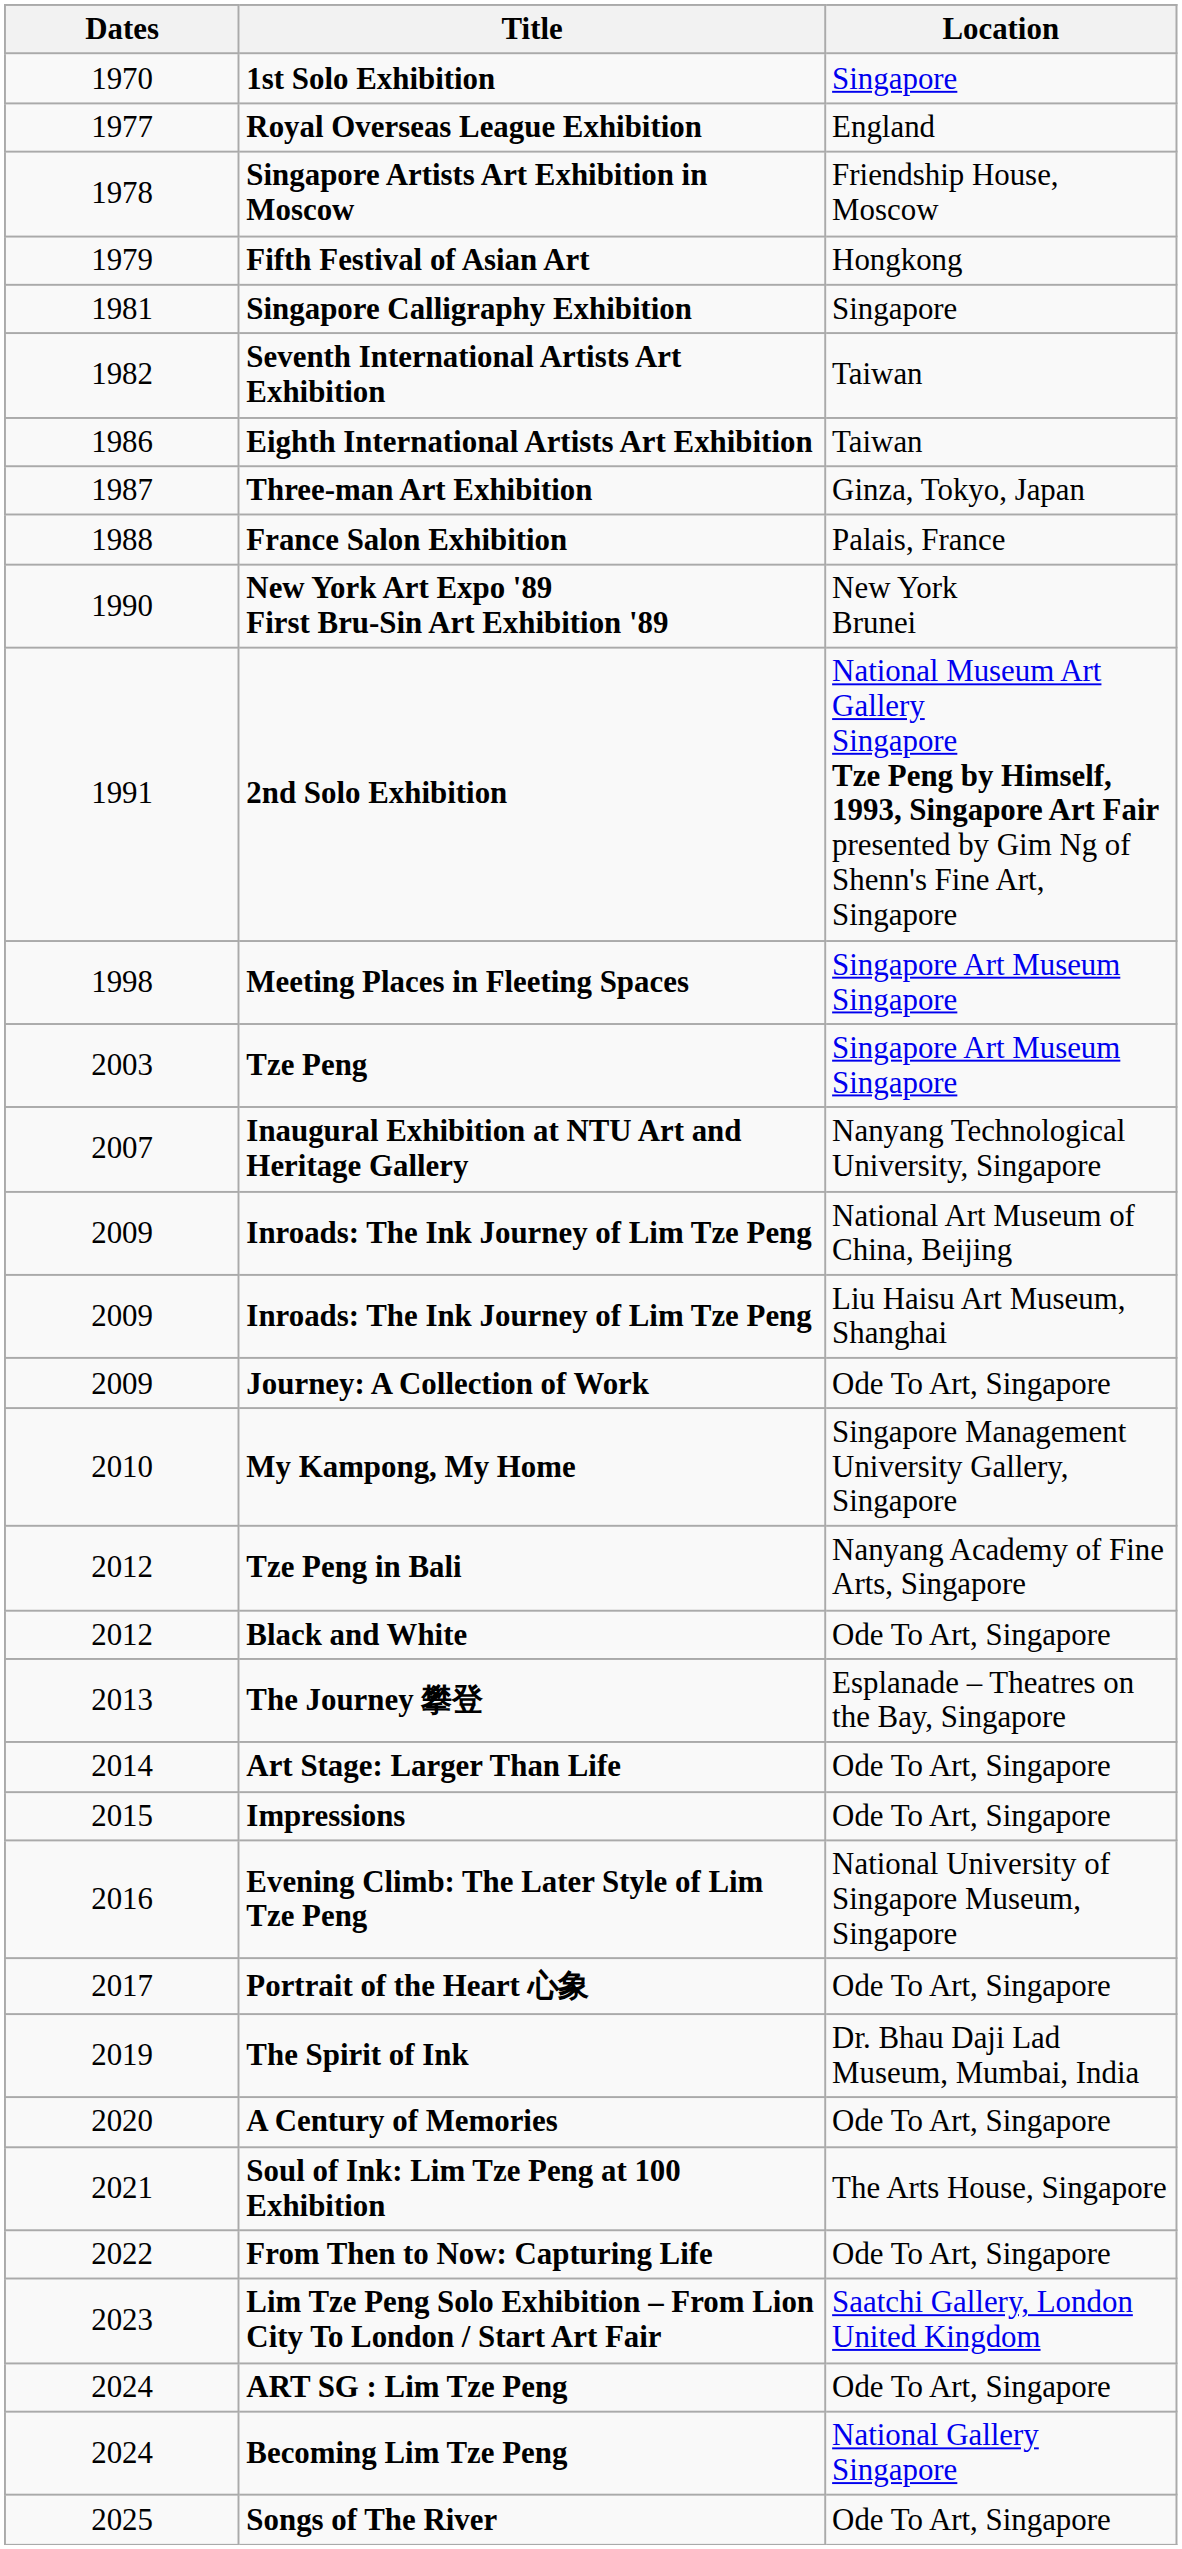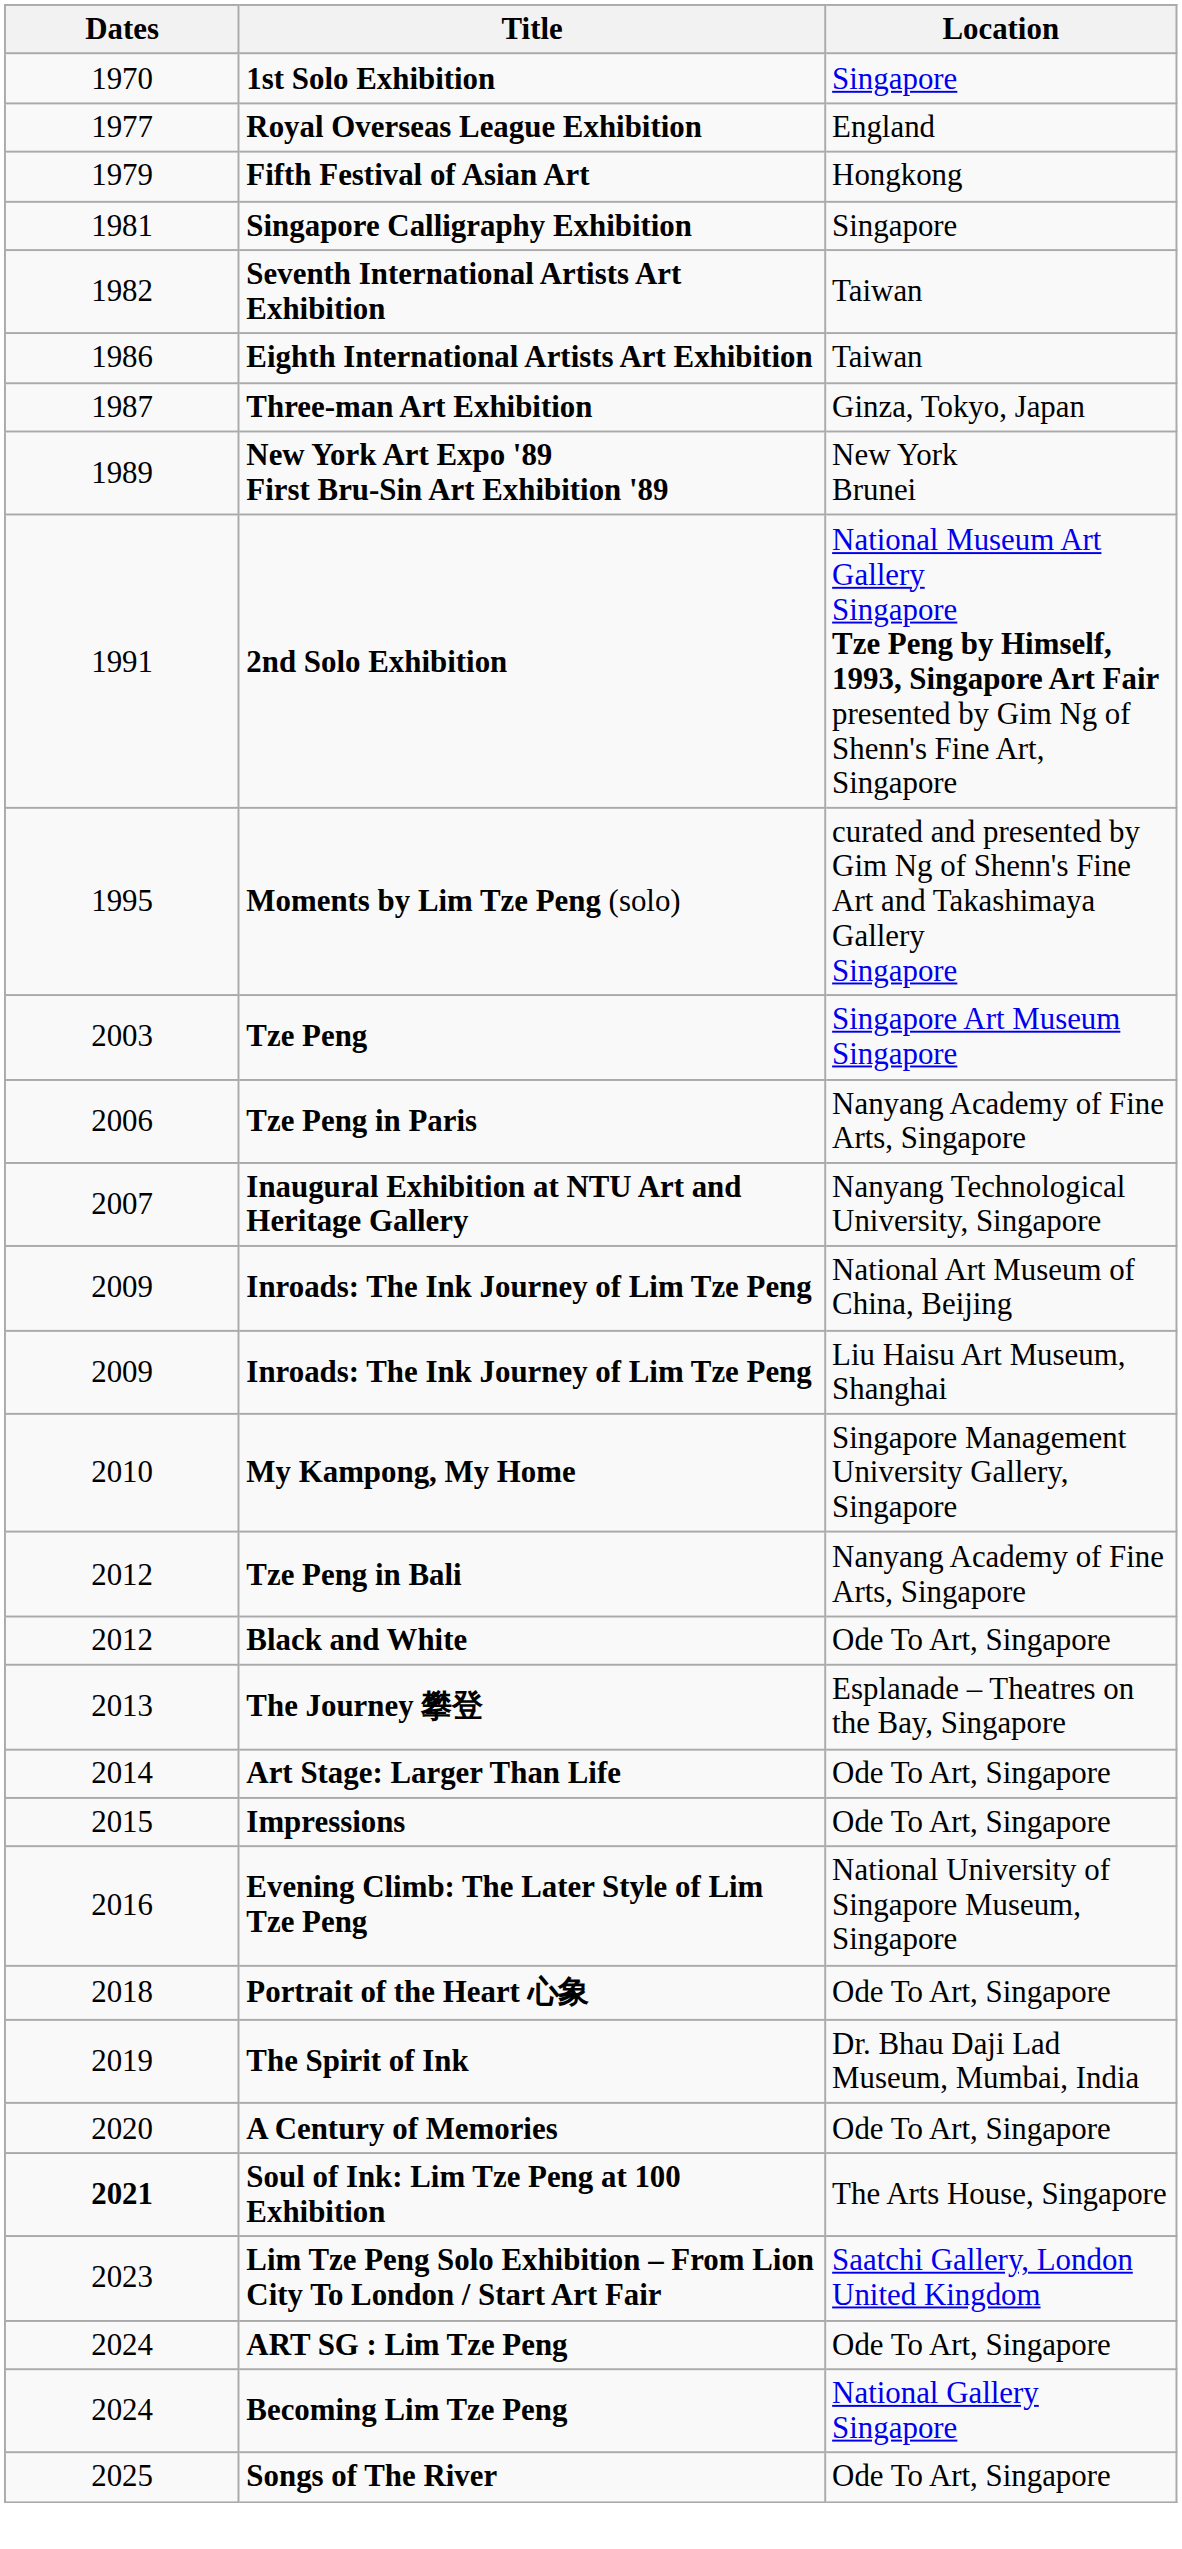 <table class="wikitable">
 <tr>
 <th width=20%>Dates</th>
 <th width=50%>Title</th>
 <th width=30%>Location</th>
 </tr>
 <tr>
 <td align=center>1970</td>
 <td><strong>1st Solo Exhibition</strong></td>
 <td><a href='#'>Singapore</a></td>
 </tr>
 <tr>
 <td align=center>1977</td>
 <td><strong>Royal Overseas League Exhibition</strong></td>
 <td>England</td>
-</tr>
-<tr>
-<td align=center>1978</td>
-<td><strong>Singapore Artists Art Exhibition in Moscow</strong></td>
-<td>Friendship House, Moscow</td>
 </tr>
 <tr>
 <td align=center>1979</td>
 <td><strong>Fifth Festival of Asian Art</strong></td>
 <td>Hongkong</td>
 </tr>
 <tr>
 <td align=center>1981</td>
 <td><strong>Singapore Calligraphy Exhibition</strong></td>
 <td>Singapore</td>
 </tr>
 <tr>
 <td align=center>1982</td>
 <td><strong>Seventh International Artists Art Exhibition</strong></td>
 <td>Taiwan</td>
 </tr>
 <tr>
 <td align=center>1986</td>
 <td><strong>Eighth International Artists Art Exhibition</strong></td>
 <td>Taiwan</td>
 </tr>
 <tr>
 <td align=center>1987</td>
 <td><strong>Three-man Art Exhibition</strong></td>
 <td>Ginza, Tokyo, Japan</td>
 </tr>
 <tr>
-<td align=center>1988</td>
-<td><strong>France Salon Exhibition</strong></td>
-<td>Palais, France</td>
-</tr>
-<tr>
-<td align=center>1990</td>
+<td align=center>1989</td>
 <td><strong>New York Art Expo '89</strong><br><strong>First Bru-Sin Art Exhibition '89</strong></td>
 <td>New York<br>Brunei</td>
 </tr>
 <tr>
 <td align=center>1991</td>
 <td><strong>2nd Solo Exhibition</strong></td>
 <td><a href='#'>National Museum Art Gallery</a><br><a href='#'>Singapore</a><br><strong>Tze Peng by Himself, 1993, Singapore Art Fair</strong> presented by Gim Ng of Shenn's Fine Art, Singapore</td>
 </tr>
 <tr>
-<td align=center>1998</td>
-<td><strong>Meeting Places in Fleeting Spaces</strong></td>
-<td><a href='#'>Singapore Art Museum</a><br><a href='#'>Singapore</a></td>
+<td align=center>1995</td>
+<td><strong>Moments by Lim Tze Peng</strong> (solo)</td>
+<td>curated and presented by Gim Ng of Shenn's Fine Art and Takashimaya Gallery<br><a href='#'>Singapore</a></td>
 </tr>
 <tr>
 <td align="center">2003</td>
 <td><strong>Tze Peng</strong></td>
 <td><a href='#'>Singapore Art Museum</a><br><a href='#'>Singapore</a></td>
+</tr>
+<tr>
+<td align=center>2006</td>
+<td><strong>Tze Peng in Paris</strong></td>
+<td>Nanyang Academy of Fine Arts, Singapore</td>
 </tr>
 <tr>
 <td align=center>2007</td>
 <td><strong>Inaugural Exhibition at NTU Art and Heritage Gallery</strong></td>
 <td>Nanyang Technological University, Singapore</td>
 </tr>
 <tr>
 <td align=center>2009</td>
 <td><strong>Inroads: The Ink Journey of Lim Tze Peng</strong></td>
 <td>National Art Museum of China, Beijing</td>
 </tr>
 <tr>
 <td align=center>2009</td>
 <td><strong>Inroads: The Ink Journey of Lim Tze Peng</strong></td>
 <td>Liu Haisu Art Museum, Shanghai</td>
-</tr>
-<tr>
-<td align=center>2009</td>
-<td><strong>Journey: A Collection of Work</strong></td>
-<td>Ode To Art, Singapore</td>
 </tr>
 <tr>
 <td align=center>2010</td>
 <td><strong>My Kampong, My Home</strong></td>
 <td>Singapore Management University Gallery, Singapore</td>
 </tr>
 <tr>
 <td align=center>2012</td>
 <td><strong>Tze Peng in Bali</strong></td>
 <td>Nanyang Academy of Fine Arts, Singapore</td>
 </tr>
 <tr>
 <td align=center>2012</td>
 <td><strong>Black and White</strong></td>
 <td>Ode To Art, Singapore</td>
 </tr>
 <tr>
 <td align=center>2013</td>
 <td><strong>The Journey</strong> <strong>攀登</strong></td>
 <td>Esplanade – Theatres on the Bay, Singapore</td>
 </tr>
 <tr>
 <td align=center>2014</td>
 <td><strong>Art Stage: Larger Than Life</strong></td>
 <td>Ode To Art, Singapore</td>
 </tr>
 <tr>
 <td align=center>2015</td>
 <td><strong>Impressions</strong></td>
 <td>Ode To Art, Singapore</td>
 </tr>
 <tr>
 <td align=center>2016</td>
 <td><strong>Evening Climb: The Later Style of Lim Tze Peng</strong></td>
 <td>National University of Singapore Museum, Singapore</td>
 </tr>
 <tr>
-<td align=center>2017</td>
+<td align=center>2018</td>
 <td><strong>Portrait of the Heart 心象</strong></td>
 <td>Ode To Art, Singapore</td>
 </tr>
 <tr>
 <td align=center>2019</td>
 <td><strong>The Spirit of Ink</strong></td>
 <td>Dr. Bhau Daji Lad Museum, Mumbai, India</td>
 </tr>
 <tr>
 <td align=center>2020</td>
 <td><strong>A Century of Memories</strong></td>
 <td>Ode To Art, Singapore</td>
 </tr>
 <tr>
-<td align=center>2021</td>
+<td align=center><strong>2021</strong></td>
 <td><strong>Soul of Ink: Lim Tze Peng at 100 Exhibition</strong></td>
 <td>The Arts House, Singapore</td>
-</tr>
-<tr>
-<td align=center>2022</td>
-<td><strong>From Then to Now: Capturing Life</strong></td>
-<td>Ode To Art, Singapore</td>
 </tr>
 <tr>
 <td align=center>2023</td>
 <td><strong>Lim Tze Peng Solo Exhibition – From Lion City To London / Start Art Fair </strong></td>
 <td><a href='#'>Saatchi Gallery, London</a><br><a href='#'>United Kingdom</a></td>
 </tr>
 <tr>
 <td align=center>2024</td>
 <td><strong>ART SG : Lim Tze Peng</strong></td>
 <td>Ode To Art, Singapore</td>
 </tr>
 <tr>
 <td align=center>2024</td>
 <td><strong>Becoming Lim Tze Peng</strong></td>
 <td><a href='#'>National Gallery Singapore</a></td>
 </tr>
 <tr>
 <td align=center>2025</td>
 <td><strong>Songs of The River</strong></td>
 <td>Ode To Art, Singapore</td>
 </tr>
 </table>
